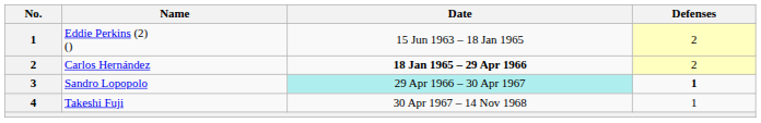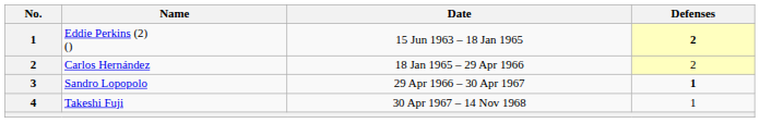 <table class="wikitable sortable" style="width:80%">
 <tr>
 <th>No.</th>
 <th>Name</th>
 <th>Date</th>
 <th>Defenses</th>
 </tr>
 <tr>
 <th>1</th>
 <td align="left"><a href='#'>Eddie Perkins</a> (2)<br>()</td>
 <td align="center">15 Jun 1963 – 18 Jan 1965</td>
-<td style="background:#ffffbf;" align="center">2</td>
+<td style="background:#ffffbf;" align="center"><strong>2</strong></td>
 </tr>
 <tr>
 <th>2</th>
 <td align="left"><a href='#'>Carlos Hernández</a></td>
-<td align="center"><strong>18 Jan 1965 – 29 Apr 1966</strong></td>
+<td align="center">18 Jan 1965 – 29 Apr 1966</td>
 <td style="background:#ffffbf;" align="center">2</td>
 </tr>
 <tr>
 <th>3</th>
 <td align="left"><a href='#'>Sandro Lopopolo</a></td>
-<td align="center" style="background: paleturquoise;">29 Apr 1966 – 30 Apr 1967</td>
+<td align="center">29 Apr 1966 – 30 Apr 1967</td>
 <td align="center"><strong>1</strong></td>
 </tr>
 <tr>
 <th>4</th>
 <td align="left"><a href='#'>Takeshi Fuji</a></td>
 <td align="center">30 Apr 1967 – 14 Nov 1968</td>
 <td align="center">1</td>
 </tr>
 <tr>
 <th colspan=4></th>
 </tr>
 </table>
